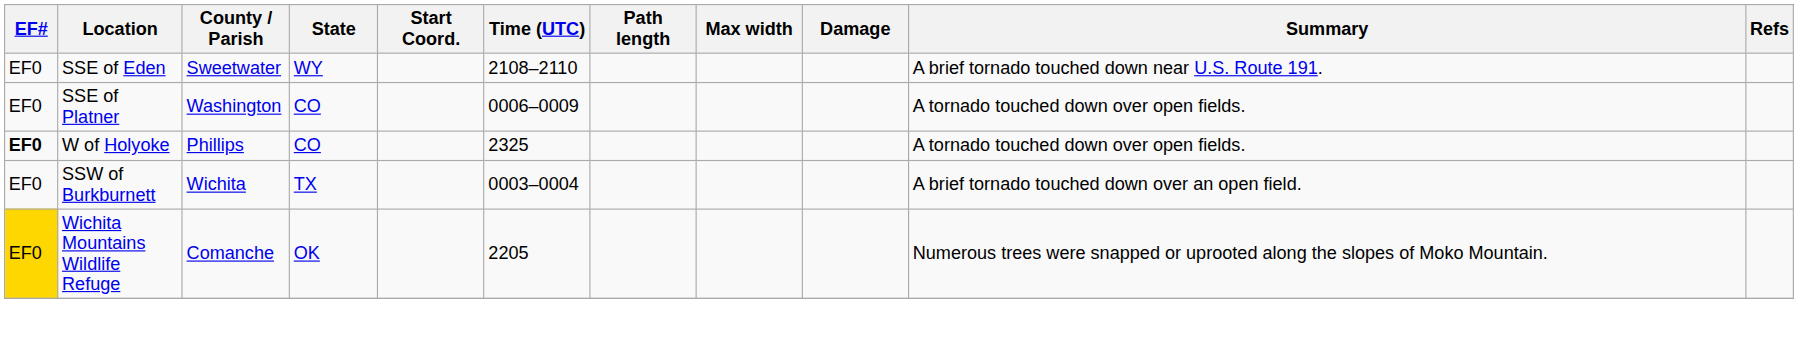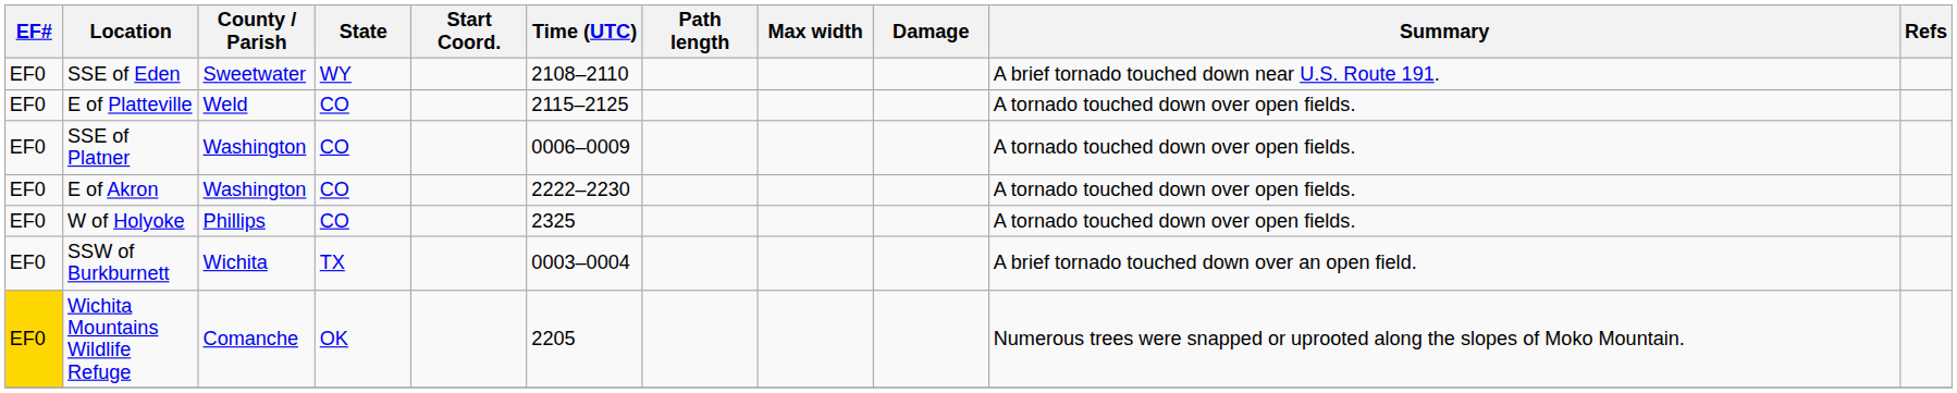 <table class="wikitable sortable" style="width:100%;">
 <tr>
 <th scope="col" width="3%" align="center"><a href='#'>EF#</a></th>
 <th scope="col" width="7%" align="center" class="unsortable">Location</th>
 <th scope="col" width="6%" align="center" class="unsortable">County / Parish</th>
 <th scope="col" width="5%" align="center">State</th>
 <th scope="col" width="6%" align="center">Start Coord.</th>
 <th scope="col" width="6%" align="center">Time (<a href='#'>UTC</a>)</th>
 <th scope="col" width="6%" align="center">Path length</th>
 <th scope="col" width="6%" align="center">Max width</th>
 <th scope="col" width="6%" align="center">Damage</th>
 <th scope="col" width="48%" class="unsortable" align="center">Summary</th>
 <th scope="col" width="48%" class="unsortable" align="center">Refs</th>
 </tr>
 <tr>
 <td>EF0</td>
 <td>SSE of <a href='#'>Eden</a></td>
 <td><a href='#'>Sweetwater</a></td>
 <td><a href='#'>WY</a></td>
 <td></td>
 <td>2108–2110</td>
 <td></td>
 <td></td>
 <td></td>
 <td>A brief tornado touched down near <a href='#'>U.S. Route 191</a>.</td>
 <td></td>
 </tr>
 <tr>
 <td>EF0</td>
+<td>E of <a href='#'>Platteville</a></td>
+<td><a href='#'>Weld</a></td>
+<td><a href='#'>CO</a></td>
+<td></td>
+<td>2115–2125</td>
+<td></td>
+<td></td>
+<td></td>
+<td>A tornado touched down over open fields.</td>
+<td></td>
+</tr>
+<tr>
+<td>EF0</td>
 <td>SSE of <a href='#'>Platner</a></td>
 <td><a href='#'>Washington</a></td>
 <td><a href='#'>CO</a></td>
 <td></td>
 <td>0006–0009</td>
 <td></td>
 <td></td>
 <td></td>
 <td>A tornado touched down over open fields.</td>
 <td></td>
 </tr>
 <tr>
-<td><strong>EF0</strong></td>
+<td>EF0</td>
+<td>E of <a href='#'>Akron</a></td>
+<td><a href='#'>Washington</a></td>
+<td><a href='#'>CO</a></td>
+<td></td>
+<td>2222–2230</td>
+<td></td>
+<td></td>
+<td></td>
+<td>A tornado touched down over open fields.</td>
+<td></td>
+</tr>
+<tr>
+<td>EF0</td>
 <td>W of <a href='#'>Holyoke</a></td>
 <td><a href='#'>Phillips</a></td>
 <td><a href='#'>CO</a></td>
 <td></td>
 <td>2325</td>
 <td></td>
 <td></td>
 <td></td>
 <td>A tornado touched down over open fields.</td>
 <td></td>
 </tr>
 <tr>
 <td>EF0</td>
 <td>SSW of <a href='#'>Burkburnett</a></td>
 <td><a href='#'>Wichita</a></td>
 <td><a href='#'>TX</a></td>
 <td></td>
 <td>0003–0004</td>
 <td></td>
 <td></td>
 <td></td>
 <td>A brief tornado touched down over an open field.</td>
 <td></td>
 </tr>
 <tr>
 <td style="background: gold;">EF0</td>
 <td><a href='#'>Wichita Mountains Wildlife Refuge</a></td>
 <td><a href='#'>Comanche</a></td>
 <td><a href='#'>OK</a></td>
 <td></td>
 <td>2205</td>
 <td></td>
 <td></td>
 <td></td>
 <td>Numerous trees were snapped or uprooted along the slopes of Moko Mountain.</td>
 <td></td>
 </tr>
 <tr>
 </tr>
 </table>
